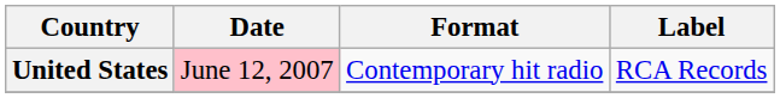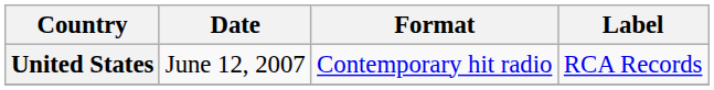 <table class="wikitable plainrowheaders">
 <tr>
 <th scope="col">Country</th>
 <th scope="col">Date</th>
 <th scope="col">Format</th>
 <th scope="col">Label</th>
 </tr>
 <tr>
 <th scope="row">United States</th>
-<td style="background: pink;">June 12, 2007</td>
+<td>June 12, 2007</td>
 <td><a href='#'>Contemporary hit radio</a></td>
 <td><a href='#'>RCA Records</a></td>
 </tr>
 <tr>
 </tr>
 </table>
